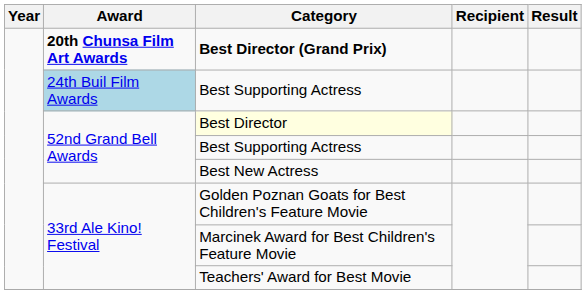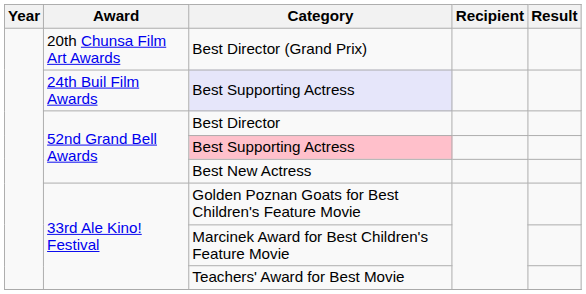 <table class="wikitable">
 <tr>
 <th>Year</th>
 <th>Award</th>
 <th>Category</th>
 <th>Recipient</th>
 <th>Result</th>
 </tr>
 <tr>
 <td rowspan="8"></td>
-<td><strong>20th <a href='#'>Chunsa Film Art Awards</a></strong></td>
-<td><strong>Best Director (Grand Prix)</strong></td>
+<td>20th <a href='#'>Chunsa Film Art Awards</a></td>
+<td>Best Director (Grand Prix)</td>
 <td></td>
 <td></td>
 </tr>
 <tr>
-<td style="background: lightblue;"><a href='#'>24th Buil Film Awards</a></td>
-<td>Best Supporting Actress</td>
+<td><a href='#'>24th Buil Film Awards</a></td>
+<td style="background: lavender;">Best Supporting Actress</td>
 <td></td>
 <td></td>
 </tr>
 <tr>
 <td rowspan="3"><a href='#'>52nd Grand Bell Awards</a></td>
-<td style="background: lightyellow;">Best Director</td>
+<td>Best Director</td>
 <td></td>
 <td></td>
 </tr>
 <tr>
-<td>Best Supporting Actress</td>
+<td style="background: pink;">Best Supporting Actress</td>
 <td></td>
 <td></td>
 </tr>
 <tr>
 <td>Best New Actress</td>
 <td></td>
 <td></td>
 </tr>
 <tr>
 <td rowspan="3"><a href='#'>33rd Ale Kino! Festival</a></td>
 <td>Golden Poznan Goats for Best Children's Feature Movie</td>
 <td rowspan="3"></td>
 <td></td>
 </tr>
 <tr>
 <td>Marcinek Award for Best Children's Feature Movie</td>
 <td></td>
 </tr>
 <tr>
 <td>Teachers' Award for Best Movie</td>
 <td></td>
 </tr>
 <tr>
 </tr>
 </table>
